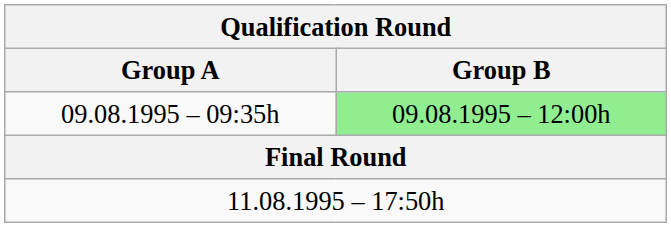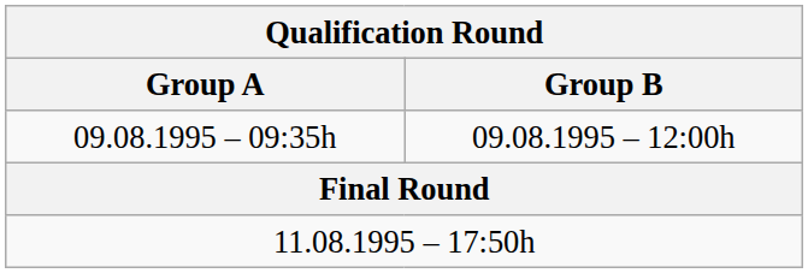 <table class="wikitable" style=" text-align:center; font-size:110%;" width="35%">
 <tr>
 <th colspan="2">Qualification Round</th>
 </tr>
 <tr>
 <th>Group A</th>
 <th>Group B</th>
 </tr>
 <tr>
 <td>09.08.1995 – 09:35h</td>
-<td style="background: lightgreen;">09.08.1995 – 12:00h</td>
+<td>09.08.1995 – 12:00h</td>
 </tr>
 <tr>
 <th colspan="2">Final Round</th>
 </tr>
 <tr>
 <td colspan="2">11.08.1995 – 17:50h</td>
 </tr>
 </table>
